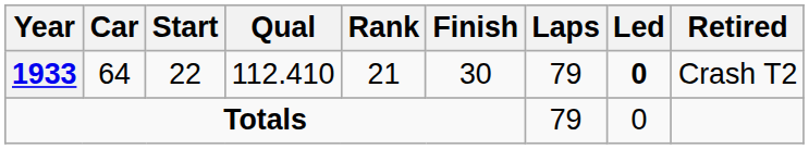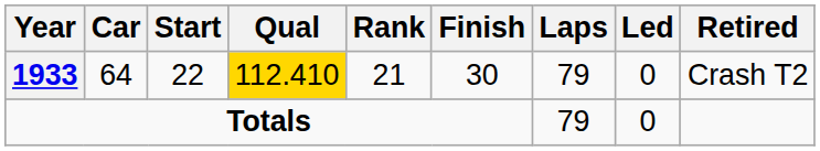 <table class="wikitable" style="text-align:center">
 <tr>
 <th>Year</th>
 <th>Car</th>
 <th>Start</th>
 <th>Qual</th>
 <th>Rank</th>
 <th>Finish</th>
 <th>Laps</th>
 <th>Led</th>
 <th>Retired</th>
 </tr>
 <tr>
 <th><a href='#'>1933</a></th>
 <td>64</td>
 <td>22</td>
-<td>112.410</td>
+<td style="background: gold;">112.410</td>
 <td>21</td>
 <td>30</td>
 <td>79</td>
-<td><strong>0</strong></td>
+<td>0</td>
 <td>Crash T2</td>
 </tr>
 <tr>
 <td colspan=6><strong>Totals</strong></td>
 <td>79</td>
 <td>0</td>
 <td></td>
 </tr>
 </table>
